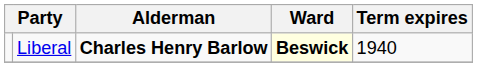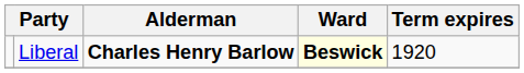 <table class="wikitable">
 <tr>
 <th colspan="2">Party</th>
 <th>Alderman</th>
 <th>Ward</th>
 <th>Term expires</th>
 </tr>
 <tr>
 <td style="background-color:"></td>
 <td><a href='#'>Liberal</a></td>
 <td><strong>Charles Henry Barlow</strong></td>
 <td style="background: lightyellow;"><strong>Beswick</strong></td>
-<td>1940</td>
+<td>1920</td>
 </tr>
 <tr>
 </tr>
 </table>
